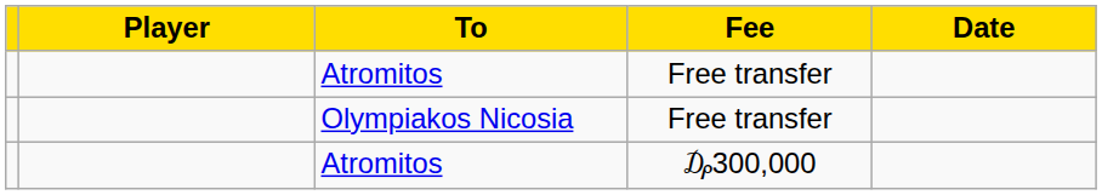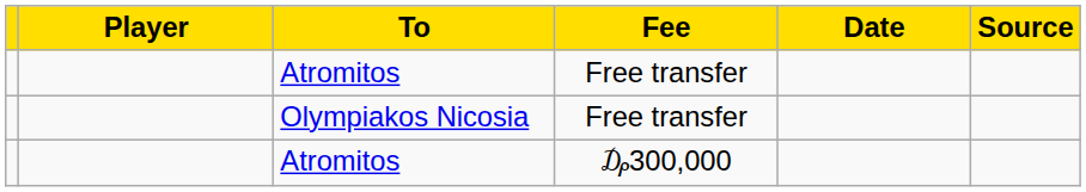 <table class="wikitable sortable">
 <tr>
 <th style="background:#FFDE00"></th>
 <th width=200 style="background:#FFDE00">Player</th>
 <th width=200 style="background:#FFDE00">To</th>
 <th width=150 style="background:#FFDE00">Fee</th>
 <th width=150 style="background:#FFDE00">Date</th>
+<th style="background:#FFDE00">Source</th>
 </tr>
 <tr>
 <td align=center></td>
 <td></td>
 <td> <a href='#'>Atromitos</a></td>
 <td align=center>Free transfer</td>
+<td align=center></td>
 <td align=center></td>
 </tr>
 <tr>
 <td align=center></td>
 <td></td>
 <td> <a href='#'>Olympiakos Nicosia</a></td>
 <td align=center>Free transfer</td>
 <td align=center></td>
+<td align=center></td>
 </tr>
 <tr>
 <td align=center></td>
 <td></td>
 <td> <a href='#'>Atromitos</a></td>
 <td align=center>₯300,000</td>
 <td align=center></td>
+<td align=center></td>
 </tr>
 </table>
